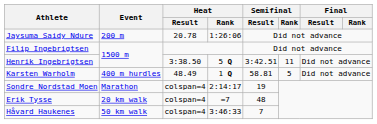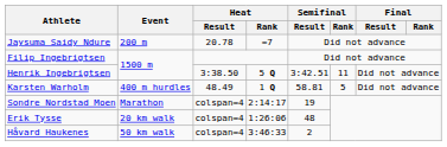 <table class="wikitable" style="font-size:90%">
 <tr>
 <th rowspan="2">Athlete</th>
 <th rowspan="2">Event</th>
 <th colspan="2">Heat</th>
 <th colspan="2">Semifinal</th>
 <th colspan="2">Final</th>
 </tr>
 <tr style="font-size:95%">
 <th>Result</th>
 <th>Rank</th>
 <th>Result</th>
 <th>Rank</th>
 <th>Result</th>
 <th>Rank</th>
 </tr>
 <tr align=center>
 <td align=left><a href='#'>Jaysuma Saidy Ndure</a></td>
 <td align=left><a href='#'>200 m</a></td>
 <td>20.78</td>
-<td>1:26:06</td>
+<td>=7</td>
 <td colspan=4>Did not advance</td>
 </tr>
 <tr align=center>
 <td align=left><a href='#'>Filip Ingebrigtsen</a></td>
 <td align=left rowspan=2><a href='#'>1500 m</a></td>
 <td colspan=2></td>
 <td colspan=4>Did not advance</td>
 </tr>
 <tr align=center>
 <td align=left><a href='#'>Henrik Ingebrigtsen</a></td>
 <td>3:38.50</td>
 <td>5 <strong>Q</strong></td>
 <td>3:42.51</td>
 <td>11</td>
 <td colspan=2>Did not advance</td>
 </tr>
 <tr align=center>
 <td align=left><a href='#'>Karsten Warholm</a></td>
 <td align=left><a href='#'>400 m hurdles</a></td>
 <td>48.49</td>
 <td>1 <strong>Q</strong></td>
 <td>58.81</td>
 <td>5</td>
 <td colspan=2>Did not advance</td>
 </tr>
 <tr align=center>
 <td align=left><a href='#'>Sondre Nordstad Moen</a></td>
 <td align=left><a href='#'>Marathon</a></td>
 <td>colspan=4 </td>
 <td>2:14:17</td>
 <td>19</td>
 </tr>
 <tr align=center>
 <td align=left><a href='#'>Erik Tysse</a></td>
 <td align=left><a href='#'>20 km walk</a></td>
 <td>colspan=4 </td>
-<td>=7</td>
+<td>1:26:06</td>
 <td>48</td>
 </tr>
 <tr align=center>
 <td align=left><a href='#'>Håvard Haukenes</a></td>
 <td align=left><a href='#'>50 km walk</a></td>
 <td>colspan=4 </td>
 <td>3:46:33</td>
-<td>7</td>
+<td>2</td>
 </tr>
 </table>
